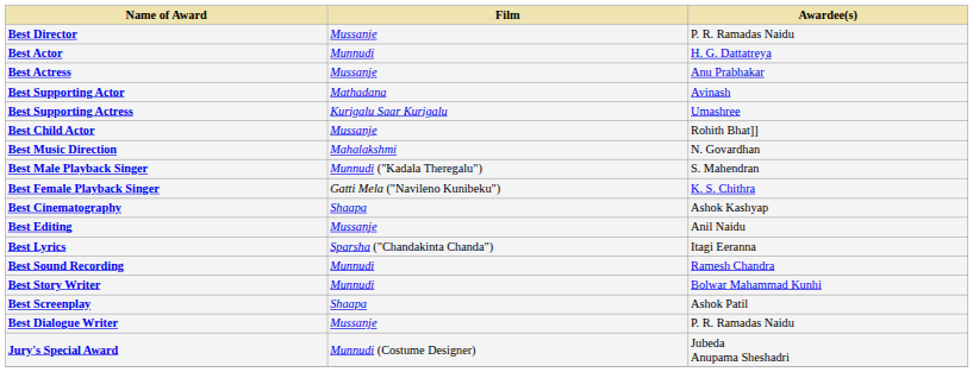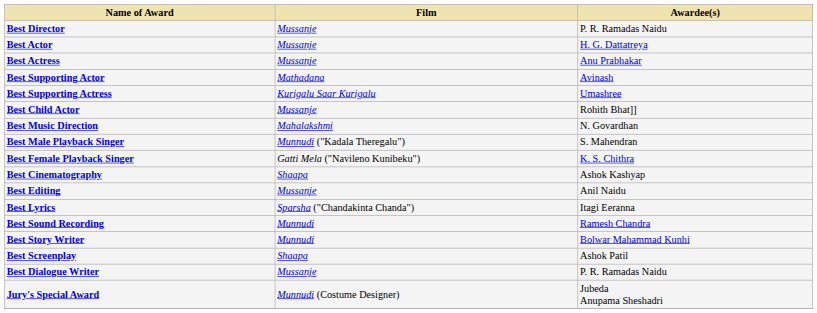 <table class="wikitable" style="width:100%;">
 <tr>
 <th style="background-color:#EFE4B0;">Name of Award</th>
 <th style="background-color:#EFE4B0;">Film</th>
 <th style="background-color:#EFE4B0;">Awardee(s)</th>
 </tr>
 <tr style="background-color:#F4F4F4">
 <td><strong><a href='#'>Best Director</a></strong></td>
 <td><em><a href='#'>Mussanje</a></em></td>
 <td>P. R. Ramadas Naidu</td>
 </tr>
 <tr style="background-color:#F4F4F4">
 <td><strong><a href='#'>Best Actor</a></strong></td>
-<td><em><a href='#'>Munnudi</a></em></td>
+<td><em><a href='#'>Mussanje</a></em></td>
 <td><a href='#'>H. G. Dattatreya</a></td>
 </tr>
 <tr style="background-color:#F4F4F4">
 <td><strong><a href='#'>Best Actress</a></strong></td>
 <td><em><a href='#'>Mussanje</a></em></td>
 <td><a href='#'>Anu Prabhakar</a></td>
 </tr>
 <tr style="background-color:#F4F4F4">
 <td><strong><a href='#'>Best Supporting Actor</a></strong></td>
 <td><em><a href='#'>Mathadana</a></em></td>
 <td><a href='#'>Avinash</a></td>
 </tr>
 <tr style="background-color:#F4F4F4">
 <td><strong><a href='#'>Best Supporting Actress</a></strong></td>
 <td><em><a href='#'>Kurigalu Saar Kurigalu</a></em></td>
 <td><a href='#'>Umashree</a></td>
 </tr>
 <tr style="background-color:#F4F4F4">
 <td><strong><a href='#'>Best Child Actor</a></strong></td>
 <td><em><a href='#'>Mussanje</a></em></td>
 <td>Rohith Bhat]]</td>
 </tr>
 <tr style="background-color:#F4F4F4">
 <td><strong><a href='#'>Best Music Direction</a></strong></td>
 <td><em><a href='#'>Mahalakshmi</a></em></td>
 <td>N. Govardhan</td>
 </tr>
 <tr style="background-color:#F4F4F4">
 <td><strong><a href='#'>Best Male Playback Singer</a></strong></td>
 <td><em><a href='#'>Munnudi</a></em> ("Kadala Theregalu")</td>
 <td>S. Mahendran</td>
 </tr>
 <tr style="background-color:#F4F4F4">
 <td><strong><a href='#'>Best Female Playback Singer</a></strong></td>
 <td><em>Gatti Mela</em> ("Navileno Kunibeku")</td>
 <td><a href='#'>K. S. Chithra</a></td>
 </tr>
 <tr style="background-color:#F4F4F4">
 <td><strong><a href='#'>Best Cinematography</a></strong></td>
 <td><em><a href='#'>Shaapa</a></em></td>
 <td>Ashok Kashyap</td>
 </tr>
 <tr style="background-color:#F4F4F4">
 <td><strong><a href='#'>Best Editing</a></strong></td>
 <td><em><a href='#'>Mussanje</a></em></td>
 <td>Anil Naidu</td>
 </tr>
 <tr style="background-color:#F4F4F4">
 <td><strong><a href='#'>Best Lyrics</a></strong></td>
 <td><em><a href='#'>Sparsha</a></em> ("Chandakinta Chanda")</td>
 <td>Itagi Eeranna</td>
 </tr>
 <tr style="background-color:#F4F4F4">
 <td><strong><a href='#'>Best Sound Recording</a></strong></td>
 <td><em><a href='#'>Munnudi</a></em></td>
 <td><a href='#'>Ramesh Chandra</a></td>
 </tr>
 <tr style="background-color:#F4F4F4">
 <td><strong><a href='#'>Best Story Writer</a></strong></td>
 <td><em><a href='#'>Munnudi</a></em></td>
 <td><a href='#'>Bolwar Mahammad Kunhi</a></td>
 </tr>
 <tr style="background-color:#F4F4F4">
 <td><strong><a href='#'>Best Screenplay</a></strong></td>
 <td><em><a href='#'>Shaapa</a></em></td>
 <td>Ashok Patil</td>
 </tr>
 <tr style="background-color:#F4F4F4">
 <td><strong><a href='#'>Best Dialogue Writer</a></strong></td>
 <td><em><a href='#'>Mussanje</a></em></td>
 <td>P. R. Ramadas Naidu</td>
 </tr>
 <tr style="background-color:#F4F4F4">
 <td><strong><a href='#'>Jury's Special Award</a></strong></td>
 <td><em><a href='#'>Munnudi</a></em> (Costume Designer)</td>
 <td>Jubeda<br>Anupama Sheshadri</td>
 </tr>
 <tr style="background-color:#F4F4F4">
 </tr>
 </table>
